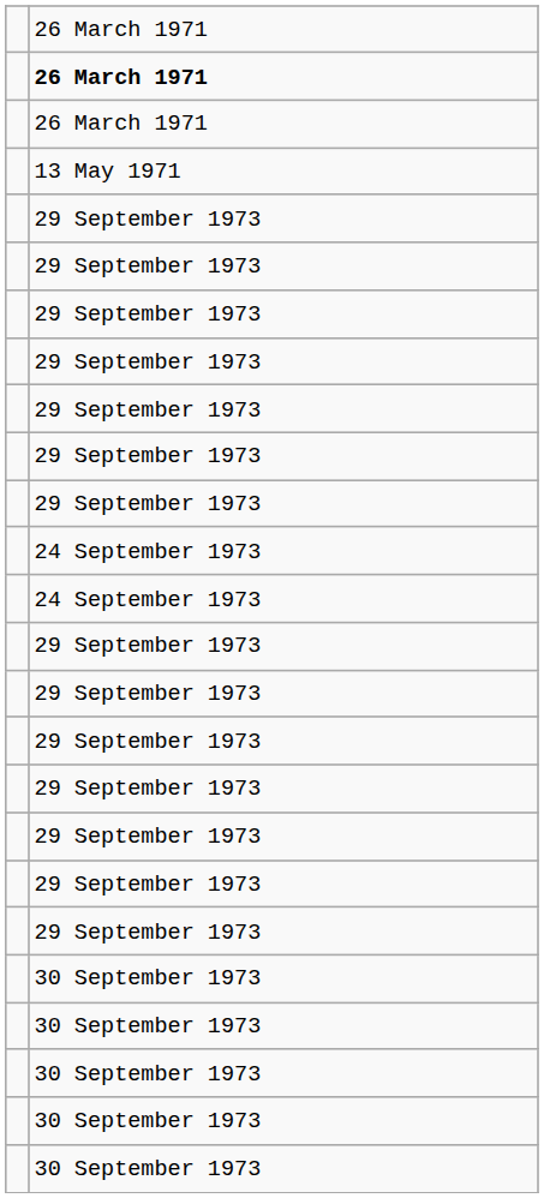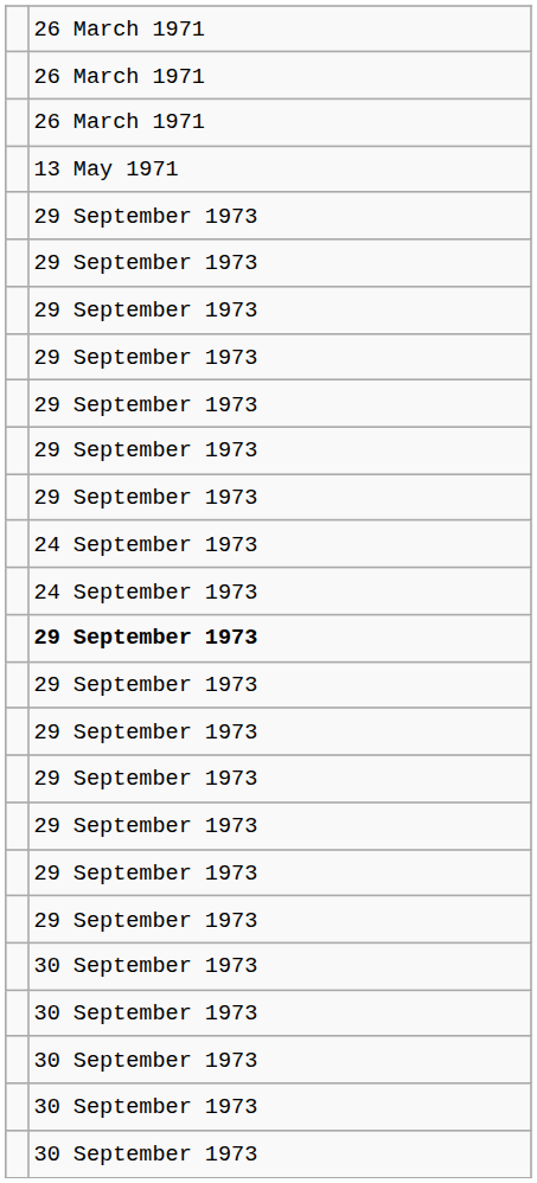 <table class="wikitable" style="font-size: 89%; float: left; width: 24em; margin-right: 1em; line-height: 1.65em">
 <tr>
 <td></td>
 <td>26 March 1971</td>
 </tr>
 <tr>
 <td></td>
-<td><strong>26 March 1971</strong></td>
+<td>26 March 1971</td>
 </tr>
 <tr>
 <td></td>
 <td>26 March 1971</td>
 </tr>
 <tr>
 <td></td>
 <td>13 May 1971</td>
 </tr>
 <tr>
 <td></td>
 <td>29 September 1973</td>
 </tr>
 <tr>
 <td></td>
 <td>29 September 1973</td>
 </tr>
 <tr>
 <td></td>
 <td>29 September 1973</td>
 </tr>
 <tr>
 <td></td>
 <td>29 September 1973</td>
 </tr>
 <tr>
 <td></td>
 <td>29 September 1973</td>
 </tr>
 <tr>
 <td></td>
 <td>29 September 1973</td>
 </tr>
 <tr>
 <td></td>
 <td>29 September 1973</td>
 </tr>
 <tr>
 <td></td>
 <td>24 September 1973</td>
 </tr>
 <tr>
 <td></td>
 <td>24 September 1973</td>
 </tr>
 <tr>
 <td></td>
-<td>29 September 1973</td>
+<td><strong>29 September 1973</strong></td>
 </tr>
 <tr>
 <td></td>
 <td>29 September 1973</td>
 </tr>
 <tr>
 <td></td>
 <td>29 September 1973</td>
 </tr>
 <tr>
 <td></td>
 <td>29 September 1973</td>
 </tr>
 <tr>
 <td></td>
 <td>29 September 1973</td>
 </tr>
 <tr>
 <td></td>
 <td>29 September 1973</td>
 </tr>
 <tr>
 <td></td>
 <td>29 September 1973</td>
 </tr>
 <tr>
 <td></td>
 <td>30 September 1973</td>
 </tr>
 <tr>
 <td></td>
 <td>30 September 1973</td>
 </tr>
 <tr>
 <td></td>
 <td>30 September 1973</td>
 </tr>
 <tr>
 <td></td>
 <td>30 September 1973</td>
 </tr>
 <tr>
 <td></td>
 <td>30 September 1973</td>
 </tr>
 </table>
